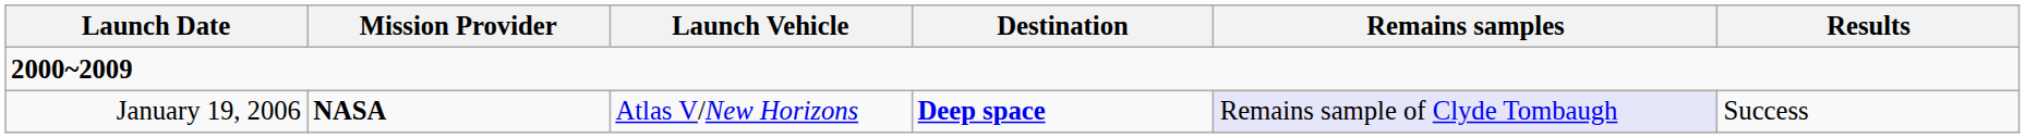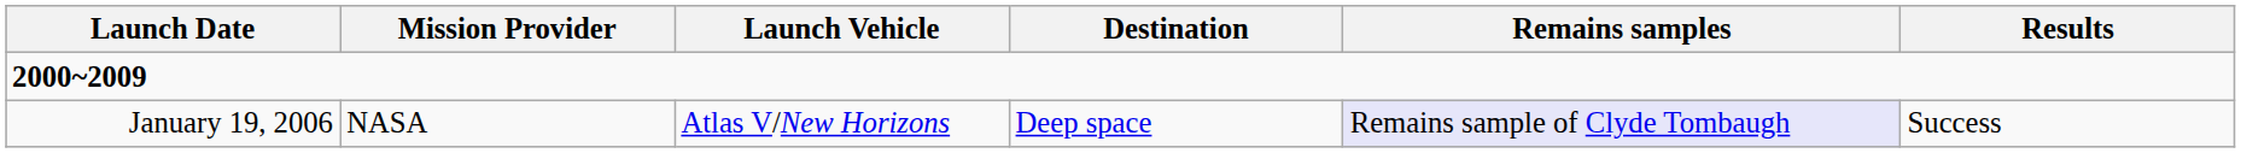 <table class="wikitable sortable" style="margin: 1em auto 1em auto;" width="95%">
 <tr>
 <th style="width:15%;"><strong>Launch Date</strong></th>
 <th style="width:15%;"><strong>Mission Provider</strong></th>
 <th style="width:15%;"><strong>Launch Vehicle</strong></th>
 <th style="width:15%;"><strong>Destination</strong></th>
 <th style="width:25%;"><strong>Remains samples</strong></th>
 <th style="width:15%;"><strong>Results</strong></th>
 </tr>
 <tr>
 <td colspan="6"><strong>2000~2009</strong></td>
 </tr>
 <tr>
 <td style="text-align:right">January 19, 2006</td>
-<td><strong>NASA</strong></td>
+<td>NASA</td>
 <td><a href='#'>Atlas V</a>/<em><a href='#'>New Horizons</a></em></td>
-<td><strong><a href='#'>Deep space</a></strong></td>
+<td><a href='#'>Deep space</a></td>
 <td style="background: lavender;">Remains sample of <a href='#'>Clyde Tombaugh</a></td>
 <td>Success</td>
 </tr>
 </table>
